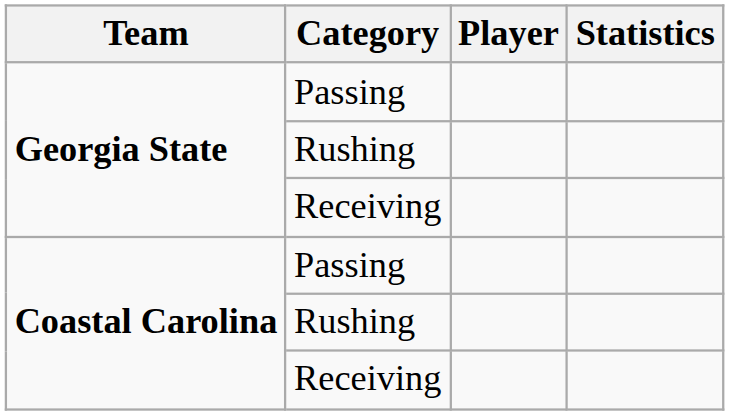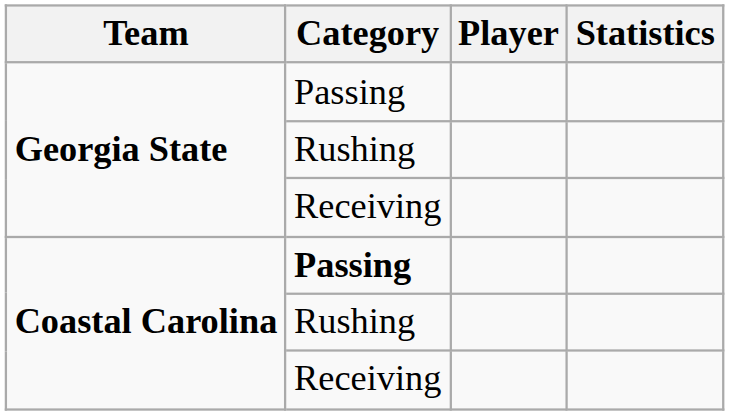 <table class="wikitable" style="float: right;">
 <tr>
 <th>Team</th>
 <th>Category</th>
 <th>Player</th>
 <th>Statistics</th>
 </tr>
 <tr>
 <td rowspan=3><strong>Georgia State</strong></td>
 <td>Passing</td>
 <td></td>
 <td></td>
 </tr>
 <tr>
 <td>Rushing</td>
 <td></td>
 <td></td>
 </tr>
 <tr>
 <td>Receiving</td>
 <td></td>
 <td></td>
 </tr>
 <tr>
 <td rowspan=3><strong>Coastal Carolina</strong></td>
-<td>Passing</td>
+<td><strong>Passing</strong></td>
 <td></td>
 <td></td>
 </tr>
 <tr>
 <td>Rushing</td>
 <td></td>
 <td></td>
 </tr>
 <tr>
 <td>Receiving</td>
 <td></td>
 <td></td>
 </tr>
 </table>
